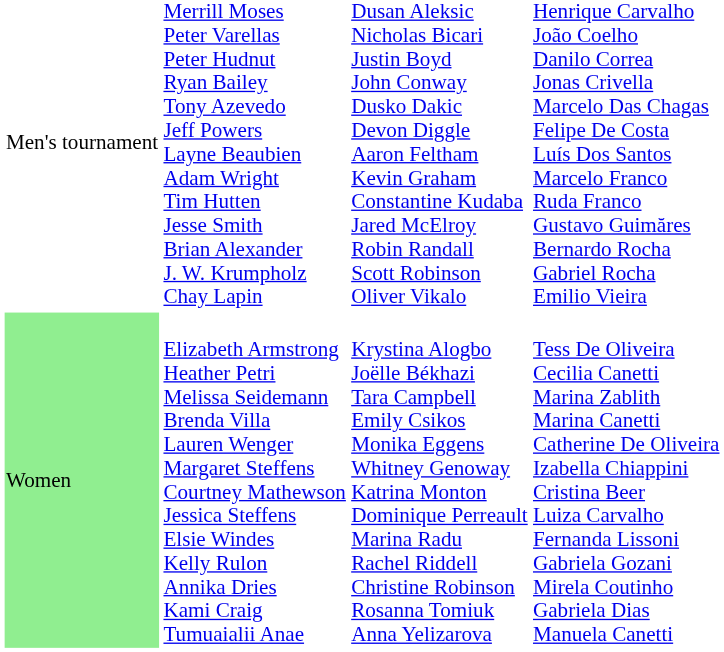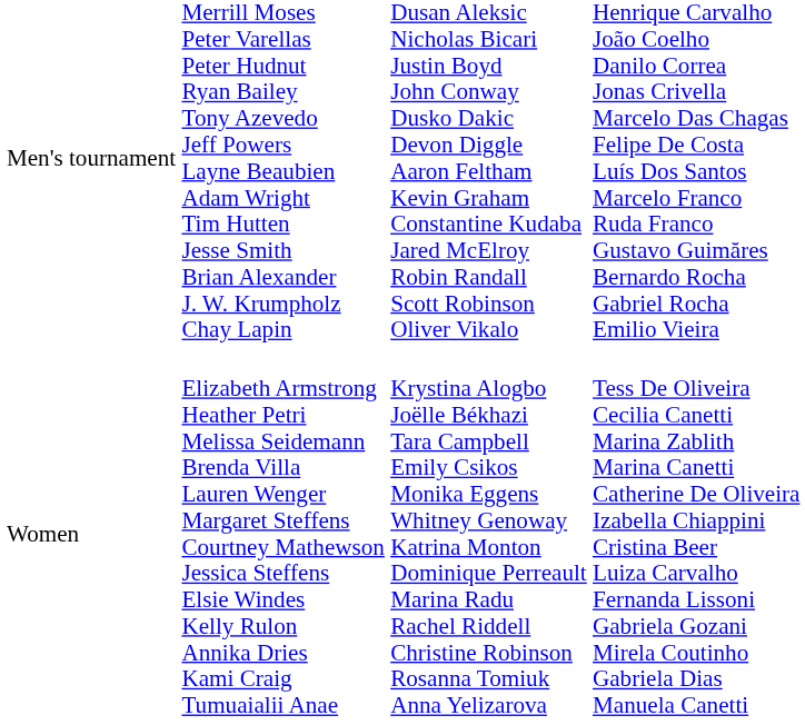 <table>
 <tr>
 <td>Men's tournament <br></td>
 <td><br><a href='#'>Merrill Moses</a><br><a href='#'>Peter Varellas</a><br><a href='#'>Peter Hudnut</a><br><a href='#'>Ryan Bailey</a><br><a href='#'>Tony Azevedo</a><br><a href='#'>Jeff Powers</a><br><a href='#'>Layne Beaubien</a><br><a href='#'>Adam Wright</a><br><a href='#'>Tim Hutten</a><br><a href='#'>Jesse Smith</a><br><a href='#'>Brian Alexander</a><br><a href='#'>J. W. Krumpholz</a><br><a href='#'>Chay Lapin</a></td>
 <td><br><a href='#'>Dusan Aleksic</a><br><a href='#'>Nicholas Bicari</a><br><a href='#'>Justin Boyd</a><br><a href='#'>John Conway</a><br><a href='#'>Dusko Dakic</a><br><a href='#'>Devon Diggle</a><br><a href='#'>Aaron Feltham</a><br><a href='#'>Kevin Graham</a><br><a href='#'>Constantine Kudaba</a><br><a href='#'>Jared McElroy</a><br><a href='#'>Robin Randall</a><br><a href='#'>Scott Robinson</a><br><a href='#'>Oliver Vikalo</a></td>
 <td><br><a href='#'>Henrique Carvalho</a><br><a href='#'>João Coelho</a><br><a href='#'>Danilo Correa</a><br><a href='#'>Jonas Crivella</a><br><a href='#'>Marcelo Das Chagas</a><br><a href='#'>Felipe De Costa</a><br><a href='#'>Luís Dos Santos</a><br><a href='#'>Marcelo Franco</a><br><a href='#'>Ruda Franco</a><br><a href='#'>Gustavo Guimăres</a><br><a href='#'>Bernardo Rocha</a><br><a href='#'>Gabriel Rocha</a><br><a href='#'>Emilio Vieira</a></td>
 </tr>
 <tr>
-<td style="background: lightgreen;">Women <br></td>
+<td>Women <br></td>
 <td><br><a href='#'>Elizabeth Armstrong</a><br><a href='#'>Heather Petri</a><br><a href='#'>Melissa Seidemann</a><br><a href='#'>Brenda Villa</a><br><a href='#'>Lauren Wenger</a><br><a href='#'>Margaret Steffens</a><br><a href='#'>Courtney Mathewson</a><br><a href='#'>Jessica Steffens</a><br><a href='#'>Elsie Windes</a><br><a href='#'>Kelly Rulon</a><br><a href='#'>Annika Dries</a><br><a href='#'>Kami Craig</a><br><a href='#'>Tumuaialii Anae</a></td>
 <td><br><a href='#'>Krystina Alogbo</a><br><a href='#'>Joëlle Békhazi</a><br><a href='#'>Tara Campbell</a><br><a href='#'>Emily Csikos</a><br><a href='#'>Monika Eggens</a><br><a href='#'>Whitney Genoway</a><br><a href='#'>Katrina Monton</a><br><a href='#'>Dominique Perreault</a><br><a href='#'>Marina Radu</a><br><a href='#'>Rachel Riddell</a><br><a href='#'>Christine Robinson</a><br><a href='#'>Rosanna Tomiuk</a><br><a href='#'>Anna Yelizarova</a></td>
 <td><br><a href='#'>Tess De Oliveira</a><br><a href='#'>Cecilia Canetti</a><br><a href='#'>Marina Zablith</a><br><a href='#'>Marina Canetti</a><br><a href='#'>Catherine De Oliveira</a><br><a href='#'>Izabella Chiappini</a><br><a href='#'>Cristina Beer</a><br><a href='#'>Luiza Carvalho</a><br><a href='#'>Fernanda Lissoni</a><br><a href='#'>Gabriela Gozani</a><br><a href='#'>Mirela Coutinho</a><br><a href='#'>Gabriela Dias</a><br><a href='#'>Manuela Canetti</a></td>
 </tr>
 </table>
